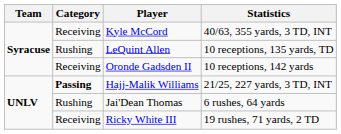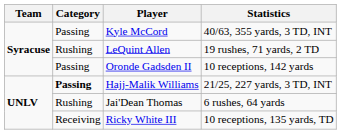 <table class="wikitable" style="float: right;">
 <tr>
 <th>Team</th>
 <th>Category</th>
 <th>Player</th>
 <th>Statistics</th>
 </tr>
 <tr>
 <td rowspan=3><strong>Syracuse</strong></td>
-<td>Receiving</td>
+<td>Passing</td>
 <td><a href='#'>Kyle McCord</a></td>
 <td>40/63, 355 yards, 3 TD, INT</td>
 </tr>
 <tr>
 <td>Rushing</td>
 <td><a href='#'>LeQuint Allen</a></td>
-<td>10 receptions, 135 yards, TD</td>
+<td>19 rushes, 71 yards, 2 TD</td>
 </tr>
 <tr>
-<td>Receiving</td>
+<td>Passing</td>
 <td><a href='#'>Oronde Gadsden II</a></td>
 <td>10 receptions, 142 yards</td>
 </tr>
 <tr>
 <td rowspan=3><strong>UNLV</strong></td>
 <td><strong>Passing</strong></td>
 <td><a href='#'>Hajj-Malik Williams</a></td>
 <td>21/25, 227 yards, 3 TD, INT</td>
 </tr>
 <tr>
 <td>Rushing</td>
 <td>Jai'Dean Thomas</td>
 <td>6 rushes, 64 yards</td>
 </tr>
 <tr>
 <td>Receiving</td>
 <td><a href='#'>Ricky White III</a></td>
-<td>19 rushes, 71 yards, 2 TD</td>
+<td>10 receptions, 135 yards, TD</td>
 </tr>
 </table>
